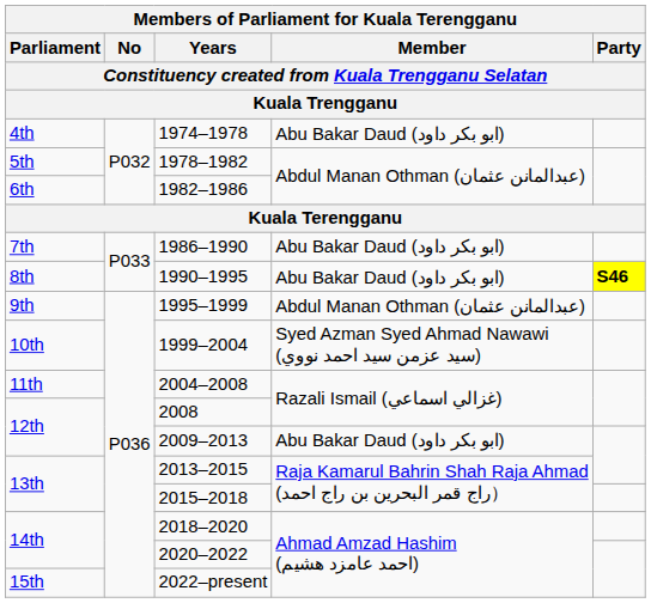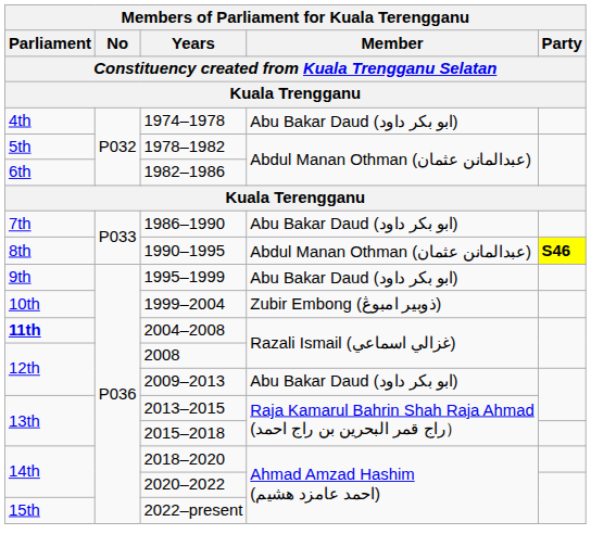 <table class=wikitable>
 <tr>
 <th colspan="5">Members of Parliament for Kuala Terengganu</th>
 </tr>
 <tr>
 <th>Parliament</th>
 <th>No</th>
 <th>Years</th>
 <th>Member</th>
 <th>Party</th>
 </tr>
 <tr>
 <th colspan="5" align="center"><em>Constituency created from <a href='#'>Kuala Trengganu Selatan</a></em></th>
 </tr>
 <tr>
 <th colspan="5" align="center">Kuala Trengganu</th>
 </tr>
 <tr>
 <td><a href='#'>4th</a></td>
 <td rowspan="3">P032</td>
 <td>1974–1978</td>
 <td>Abu Bakar Daud (ابو بكر داود)</td>
 <td></td>
 </tr>
 <tr>
 <td><a href='#'>5th</a></td>
 <td>1978–1982</td>
 <td rowspan=2>Abdul Manan Othman (عبدالمانن عثمان)</td>
 <td rowspan="2"></td>
 </tr>
 <tr>
 <td><a href='#'>6th</a></td>
 <td>1982–1986</td>
 </tr>
 <tr>
 <th colspan="5" align="center">Kuala Terengganu</th>
 </tr>
 <tr>
 <td><a href='#'>7th</a></td>
 <td rowspan="2">P033</td>
 <td>1986–1990</td>
 <td>Abu Bakar Daud (ابو بكر داود)</td>
 <td></td>
 </tr>
 <tr>
 <td><a href='#'>8th</a></td>
 <td>1990–1995</td>
-<td>Abu Bakar Daud (ابو بكر داود)</td>
+<td>Abdul Manan Othman (عبدالمانن عثمان)</td>
 <td bgcolor="yellow"><strong>S46</strong></td>
 </tr>
 <tr>
 <td><a href='#'>9th</a></td>
 <td rowspan="10">P036</td>
 <td>1995–1999</td>
-<td>Abdul Manan Othman (عبدالمانن عثمان)</td>
+<td>Abu Bakar Daud (ابو بكر داود)</td>
 <td></td>
 </tr>
 <tr>
 <td><a href='#'>10th</a></td>
 <td>1999–2004</td>
-<td>Syed Azman Syed Ahmad Nawawi <br>  (سيد عزمن سيد احمد نووي)</td>
+<td>Zubir Embong (ذوبير امبوڠ)</td>
 <td></td>
 </tr>
 <tr>
-<td><a href='#'>11th</a></td>
+<td><strong><a href='#'>11th</a></strong></td>
 <td>2004–2008</td>
 <td rowspan=2>Razali Ismail (غزالي اسماعي)</td>
 <td rowspan=2></td>
 </tr>
 <tr>
 <td rowspan="2"><a href='#'>12th</a></td>
 <td>2008</td>
 </tr>
 <tr>
 <td>2009–2013</td>
 <td>Abu Bakar Daud (ابو بكر داود)</td>
 <td rowspan=2></td>
 </tr>
 <tr>
 <td rowspan=2><a href='#'>13th</a></td>
 <td>2013–2015</td>
 <td rowspan=2><a href='#'>Raja Kamarul Bahrin Shah Raja Ahmad</a>  <br> (راج قمر البحرين بن راج احمد）</td>
 </tr>
 <tr>
 <td>2015–2018</td>
 <td></td>
 </tr>
 <tr>
 <td rowspan="2"><a href='#'>14th</a></td>
 <td>2018–2020</td>
 <td rowspan="3"><a href='#'>Ahmad Amzad Hashim</a> <br>  (احمد عامزد هشيم)</td>
 <td></td>
 </tr>
 <tr>
 <td>2020–2022</td>
 <td rowspan="2"></td>
 </tr>
 <tr>
 <td><a href='#'>15th</a></td>
 <td>2022–present</td>
 </tr>
 </table>
